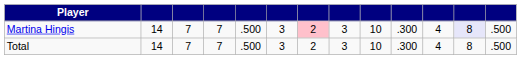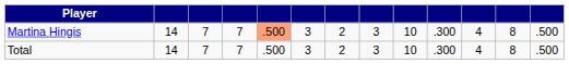 <table class="wikitable" style="text-align:center">
 <tr>
 <th style="background:navy; color:#fff" width="200px">Player</th>
 <th style="background:navy; color:#fff" width="40px"></th>
 <th style="background:navy; color:#fff" width="40px"></th>
 <th style="background:navy; color:#fff" width="40px"></th>
 <th style="background:navy; color:#fff" width="40px"></th>
 <th style="background:navy; color:#fff" width="40px"></th>
 <th style="background:navy; color:#fff" width="40px"></th>
 <th style="background:navy; color:#fff" width="40px"></th>
 <th style="background:navy; color:#fff" width="40px"></th>
 <th style="background:navy; color:#fff" width="40px"></th>
 <th style="background:navy; color:#fff" width="40px"></th>
 <th style="background:navy; color:#fff" width="40px"></th>
 <th style="background:navy; color:#fff" width="40px"></th>
 </tr>
 <tr>
 <td style="text-align:left"><a href='#'>Martina Hingis</a></td>
 <td>14</td>
 <td>7</td>
 <td>7</td>
-<td>.500</td>
+<td style="background: lightsalmon;">.500</td>
 <td>3</td>
-<td style="background: pink;">2</td>
+<td>2</td>
 <td>3</td>
 <td>10</td>
 <td>.300</td>
 <td>4</td>
-<td style="background: lavender;">8</td>
+<td>8</td>
 <td>.500</td>
 </tr>
 <tr>
 <td style="text-align:left">Total</td>
 <td>14</td>
 <td>7</td>
 <td>7</td>
 <td>.500</td>
 <td>3</td>
 <td>2</td>
 <td>3</td>
 <td>10</td>
 <td>.300</td>
 <td>4</td>
 <td>8</td>
 <td>.500</td>
 </tr>
 </table>
